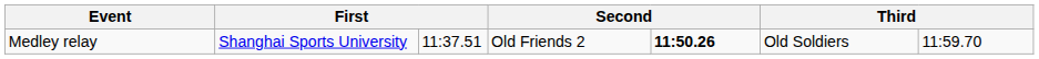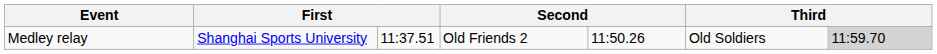 <table class=wikitable>
 <tr>
 <th style="width:13em">Event</th>
 <th colspan=2 style="width:17em">First</th>
 <th colspan=2 style="width:17em">Second</th>
 <th colspan=2 style="width:17em">Third</th>
 </tr>
 <tr>
 <td>Medley relay</td>
 <td><a href='#'>Shanghai Sports University</a></td>
 <td>11:37.51</td>
 <td>Old Friends 2</td>
-<td><strong>11:50.26</strong></td>
+<td>11:50.26</td>
 <td>Old Soldiers</td>
-<td>11:59.70</td>
+<td style="background: lightgrey;">11:59.70</td>
 </tr>
 </table>
